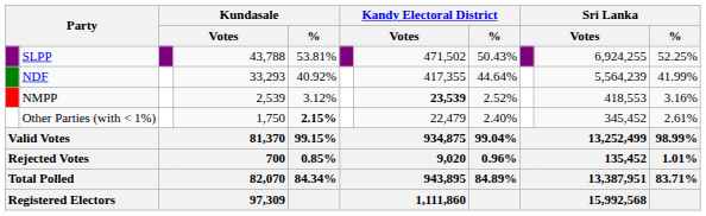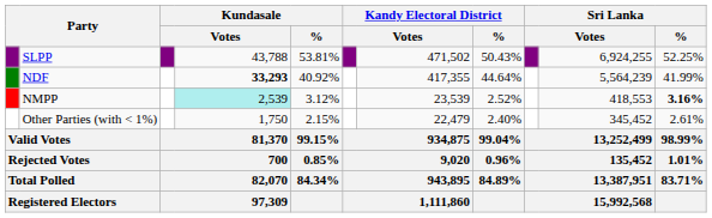 <table class="wikitable">
 <tr>
 <th colspan="2" width="144px"rowspan="2">Party</th>
 <th colspan="3" width="216px">Kundasale</th>
 <th colspan="3" width="216px"><a href='#'>Kandy Electoral District</a></th>
 <th colspan="3" width="216px">Sri Lanka</th>
 </tr>
 <tr>
 <th colspan="2" width="144px">Votes</th>
 <th>%</th>
 <th colspan="2" width="144px">Votes</th>
 <th>%</th>
 <th colspan="2" width="144px">Votes</th>
 <th>%</th>
 </tr>
 <tr>
 <td style="background-color:purple;" width="10px"></td>
 <td style="text-align:left;"><a href='#'>SLPP</a></td>
 <td style="background-color:purple;" width="10px"></td>
 <td style="text-align:right;">43,788</td>
 <td style="text-align:right;">53.81%</td>
 <td style="background-color:purple;" width="10px"></td>
 <td style="text-align:right;">471,502</td>
 <td style="text-align:right;">50.43%</td>
 <td style="background-color:purple;" width="10px"></td>
 <td style="text-align:right;">6,924,255</td>
 <td style="text-align:right;">52.25%</td>
 </tr>
 <tr>
 <td style="background-color:green;" width="10px"></td>
 <td style="text-align:left;"><a href='#'>NDF</a></td>
 <td style="background-color:white;" width="10px"></td>
-<td style="text-align:right;">33,293</td>
+<td style="text-align:right;"><strong>33,293</strong></td>
 <td style="text-align:right;">40.92%</td>
 <td style="background-color:white;" width="10px"></td>
 <td style="text-align:right;">417,355</td>
 <td style="text-align:right;">44.64%</td>
 <td style="background-color:white;" width="10px"></td>
 <td style="text-align:right;">5,564,239</td>
 <td style="text-align:right;">41.99%</td>
 </tr>
 <tr>
 <td style="background-color:red;" width="10px"></td>
 <td style="text-align:left;">NMPP</td>
 <td style="background-color:white;" width="10px"></td>
-<td style="text-align:right;">2,539</td>
+<td style="background: paleturquoise; text-align:right;">2,539</td>
 <td style="text-align:right;">3.12%</td>
 <td style="background-color:white;" width="10px"></td>
-<td style="text-align:right;"><strong>23,539</strong></td>
+<td style="text-align:right;">23,539</td>
 <td style="text-align:right;">2.52%</td>
 <td style="background-color:white;" width="10px"></td>
 <td style="text-align:right;">418,553</td>
-<td style="text-align:right;">3.16%</td>
+<td style="text-align:right;"><strong>3.16%</strong></td>
 </tr>
 <tr>
 <td style="background-color:white;" width="10px"></td>
 <td style="text-align:left;">Other Parties (with < 1%)</td>
 <td style="background-color:white;" width="10px"></td>
 <td style="text-align:right;">1,750</td>
-<td style="text-align:right;"><strong>2.15%</strong></td>
+<td style="text-align:right;">2.15%</td>
 <td style="background-color:white;" width="10px"></td>
 <td style="text-align:right;">22,479</td>
 <td style="text-align:right;">2.40%</td>
 <td style="background-color:white;" width="10px"></td>
 <td style="text-align:right;">345,452</td>
 <td style="text-align:right;">2.61%</td>
 </tr>
 <tr>
 <th colspan="2" width="144px"style="text-align:left;">Valid Votes</th>
 <th style="text-align:right;"colspan="2" width="144px">81,370</th>
 <th style="text-align:right;">99.15%</th>
 <th style="text-align:right;"colspan="2" width="144px">934,875</th>
 <th style="text-align:right;">99.04%</th>
 <th style="text-align:right;"colspan="2" width="144px">13,252,499</th>
 <th style="text-align:right;">98.99%</th>
 </tr>
 <tr>
 <th colspan="2" width="144px"style="text-align:left;">Rejected Votes</th>
 <th style="text-align:right;"colspan="2" width="144px">700</th>
 <th style="text-align:right;">0.85%</th>
 <th style="text-align:right;"colspan="2" width="144px">9,020</th>
 <th style="text-align:right;">0.96%</th>
 <th style="text-align:right;"colspan="2" width="144px">135,452</th>
 <th style="text-align:right;">1.01%</th>
 </tr>
 <tr>
 <th colspan="2" width="144px"style="text-align:left;">Total Polled</th>
 <th style="text-align:right;"colspan="2" width="144px">82,070</th>
 <th style="text-align:right;">84.34%</th>
 <th style="text-align:right;"colspan="2" width="144px">943,895</th>
 <th style="text-align:right;">84.89%</th>
 <th style="text-align:right;"colspan="2" width="144px">13,387,951</th>
 <th style="text-align:right;">83.71%</th>
 </tr>
 <tr>
 <th colspan="2" width="144px"style="text-align:left;">Registered Electors</th>
 <th style="text-align:right;"colspan="2" width="144px">97,309</th>
 <th></th>
 <th style="text-align:right;"colspan="2" width="144px">1,111,860</th>
 <th></th>
 <th style="text-align:right;"colspan="2" width="144px">15,992,568</th>
 <th></th>
 </tr>
 </table>
